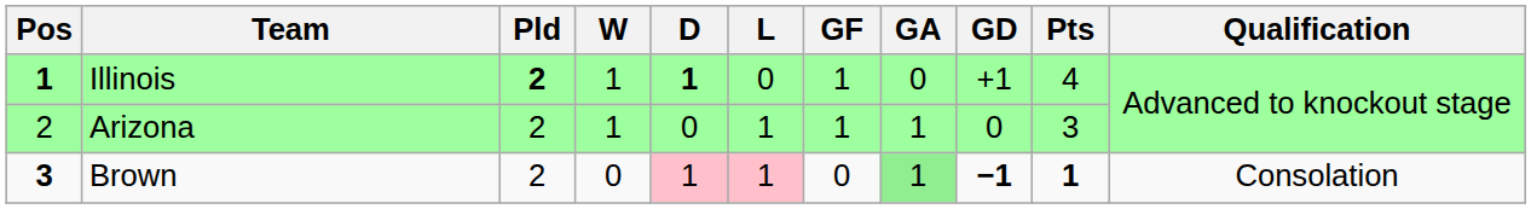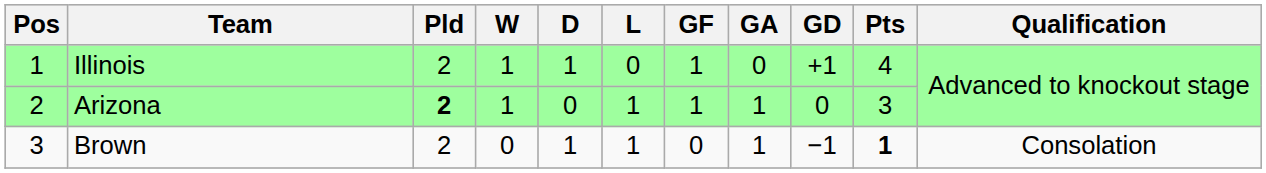 <table class="wikitable" style="text-align:center; margin: 1em auto">
 <tr>
 <th style="width:2em">Pos</th>
 <th style="width:13em">Team</th>
 <th style="width:2em">Pld</th>
 <th style="width:2em">W</th>
 <th style="width:2em">D</th>
 <th style="width:2em">L</th>
 <th style="width:2em">GF</th>
 <th style="width:2em">GA</th>
 <th style="width:2em">GD</th>
 <th style="width:2em">Pts</th>
 <th style="width:13em">Qualification</th>
 </tr>
 <tr bgcolor="#9eff9e">
-<td><strong>1</strong></td>
+<td>1</td>
 <td style="text-align:left">Illinois</td>
-<td><strong>2</strong></td>
+<td>2</td>
 <td>1</td>
-<td><strong>1</strong></td>
+<td>1</td>
 <td>0</td>
 <td>1</td>
 <td>0</td>
 <td>+1</td>
 <td>4</td>
 <td rowspan="2">Advanced to knockout stage</td>
 </tr>
 <tr bgcolor="#9eff9e">
 <td>2</td>
 <td style="text-align:left">Arizona</td>
-<td>2</td>
+<td><strong>2</strong></td>
 <td>1</td>
 <td>0</td>
 <td>1</td>
 <td>1</td>
 <td>1</td>
 <td>0</td>
 <td>3</td>
 </tr>
 <tr>
-<td><strong>3</strong></td>
+<td>3</td>
 <td style="text-align:left">Brown</td>
 <td>2</td>
 <td>0</td>
-<td style="background: pink;">1</td>
-<td style="background: pink;">1</td>
+<td>1</td>
+<td>1</td>
 <td>0</td>
-<td style="background: lightgreen;">1</td>
-<td><strong>−1</strong></td>
+<td>1</td>
+<td>−1</td>
 <td><strong>1</strong></td>
 <td>Consolation</td>
 </tr>
 </table>
